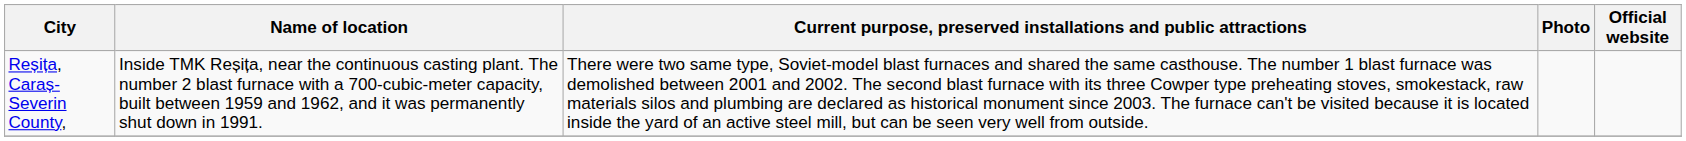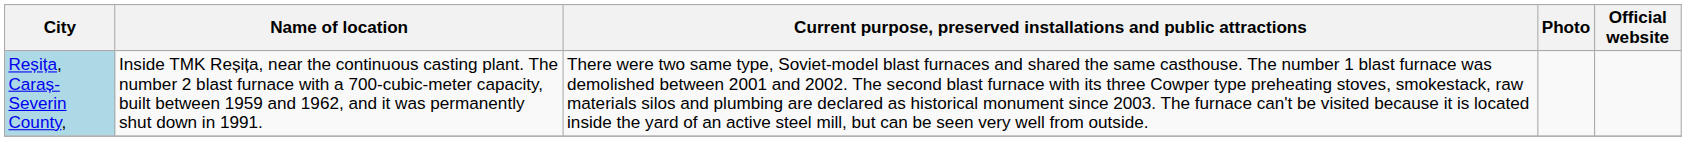 <table class="wikitable">
 <tr>
 <th>City</th>
 <th>Name of location</th>
 <th>Current purpose, preserved installations and public attractions</th>
 <th>Photo</th>
 <th>Official website</th>
 </tr>
 <tr>
-<td><a href='#'>Reșița</a>, <a href='#'>Caraș-Severin County</a>,</td>
+<td style="background: lightblue;"><a href='#'>Reșița</a>, <a href='#'>Caraș-Severin County</a>,</td>
 <td>Inside TMK Reșița, near the continuous casting plant. The number 2 blast furnace with a 700-cubic-meter capacity, built between 1959 and 1962, and it was permanently shut down in 1991.</td>
 <td>There were two same type, Soviet-model blast furnaces and shared the same casthouse. The number 1 blast furnace was demolished between 2001 and 2002. The second blast furnace with its three Cowper type preheating stoves, smokestack, raw materials silos and plumbing are declared as historical monument since 2003. The furnace can't be visited because it is located inside the yard of an active steel mill, but can be seen very well from outside.</td>
 <td></td>
 <td></td>
 </tr>
 <tr>
 </tr>
 </table>
